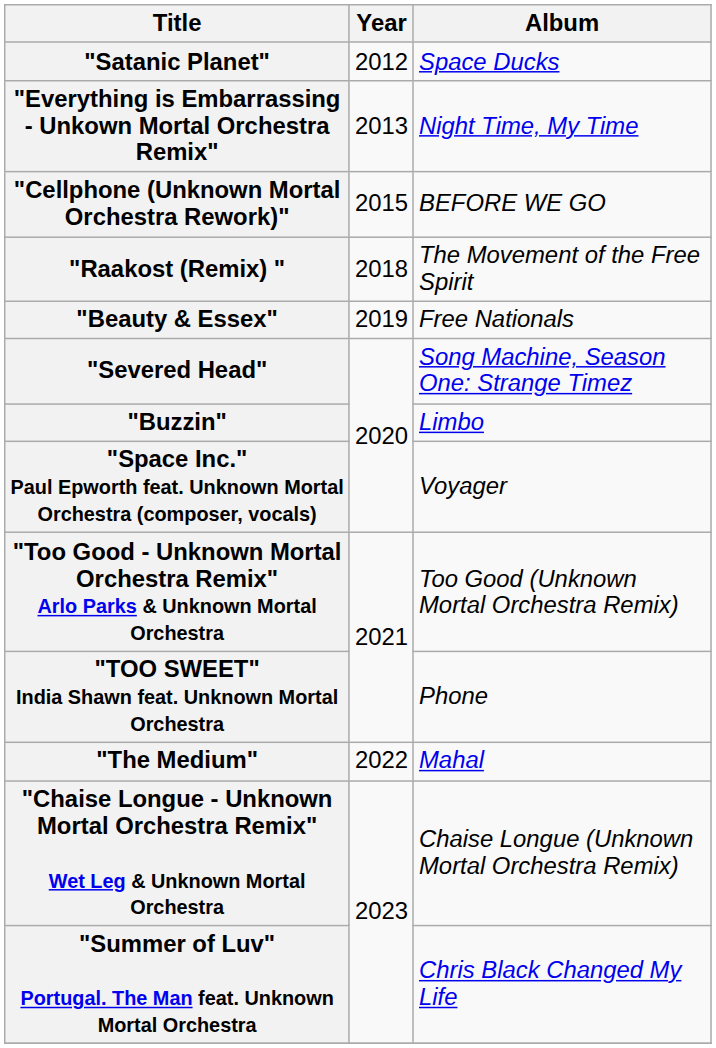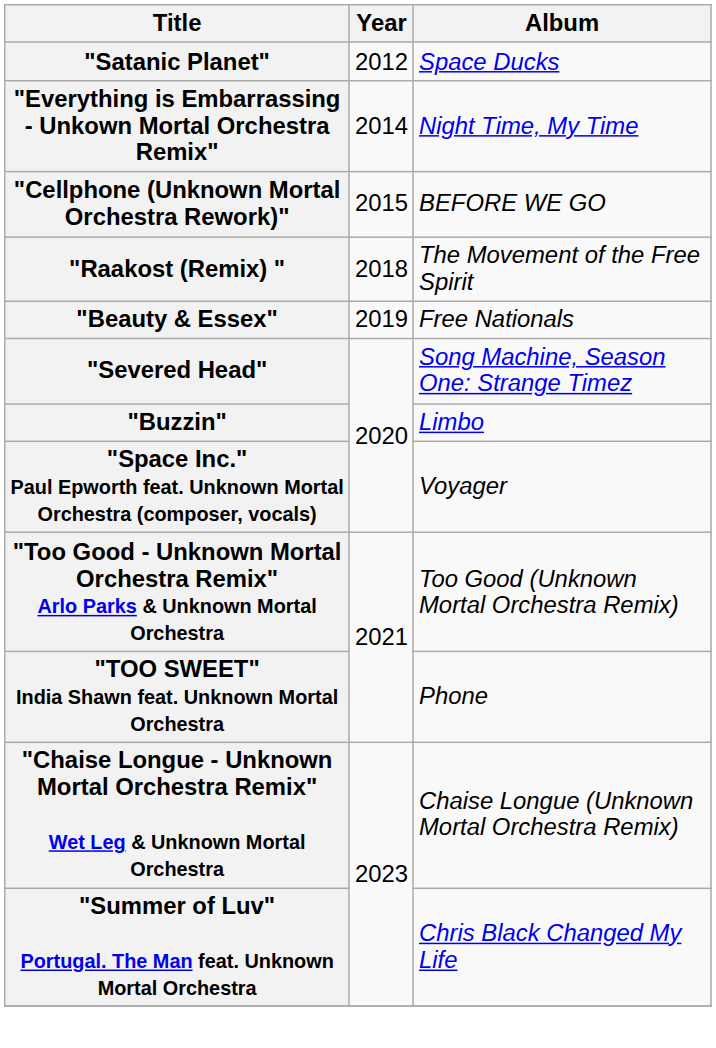 <table class="wikitable plainrowheaders" style="text-align:left;">
 <tr>
 <th scope="col" style="width:14em;">Title</th>
 <th scope="col" style="width:1em;">Year</th>
 <th scope="col" style="width:12em;">Album</th>
 </tr>
 <tr>
 <th scope="row">"Satanic Planet"<br></th>
 <td rowspan="1">2012</td>
 <td><em><a href='#'>Space Ducks</a></em></td>
 </tr>
 <tr>
 <th scope="row">"Everything is Embarrassing - Unkown Mortal Orchestra Remix"<br></th>
-<td rowspan="1">2013</td>
+<td rowspan="1">2014</td>
 <td><em><a href='#'>Night Time, My Time</a></em></td>
 </tr>
 <tr>
 <th scope="row">"Cellphone (Unknown Mortal Orchestra Rework)" <br></th>
 <td rowspan="1">2015</td>
 <td><em>BEFORE WE GO</em></td>
 </tr>
 <tr>
 <th scope="row">"Raakost (Remix) "<br></th>
 <td rowspan="1">2018</td>
 <td><em>The Movement of the Free Spirit</em></td>
 </tr>
 <tr>
 <th scope="row">"Beauty & Essex"<br></th>
 <td rowspan="1">2019</td>
 <td rowspan="1"><em>Free Nationals</em></td>
 </tr>
 <tr>
 <th scope="row">"Severed Head"<br></th>
 <td rowspan="3">2020</td>
 <td rowspan="1"><em><a href='#'>Song Machine, Season One: Strange Timez</a></em></td>
 </tr>
 <tr>
 <th scope="row">"Buzzin"<br></th>
 <td rowspan="1"><em><a href='#'>Limbo</a></em></td>
 </tr>
 <tr>
 <th scope="row">"Space Inc."<br><small>Paul Epworth feat. Unknown Mortal Orchestra (composer, vocals)</small></th>
 <td><em>Voyager</em></td>
 </tr>
 <tr>
 <th scope="row">"Too Good - Unknown Mortal Orchestra Remix"<br><small><a href='#'>Arlo Parks</a> & Unknown Mortal Orchestra</small></th>
 <td rowspan="2">2021</td>
 <td><em>Too Good (Unknown Mortal Orchestra Remix)</em></td>
 </tr>
 <tr>
 <th scope="row">"TOO SWEET"<br><small>India Shawn feat. Unknown Mortal Orchestra</small></th>
 <td><em>Phone</em></td>
 </tr>
 <tr>
-<th scope="row">"The Medium"<br></th>
-<td rowspan="1">2022</td>
-<td rowspan="1"><em><a href='#'>Mahal</a></em></td>
-</tr>
-<tr>
 <th scope="row">"Chaise Longue - Unknown Mortal Orchestra Remix"<br><br><small><a href='#'>Wet Leg</a> & Unknown Mortal Orchestra</small></th>
 <td rowspan="2">2023</td>
 <td rowspan="1"><em>Chaise Longue (Unknown Mortal Orchestra Remix)</em></td>
 </tr>
 <tr>
 <th scope="row">"Summer of Luv"<br><br><small><a href='#'>Portugal. The Man</a> feat. Unknown Mortal Orchestra</small></th>
 <td rowspan="1"><em><a href='#'>Chris Black Changed My Life</a></em></td>
 </tr>
 <tr>
 </tr>
 </table>
